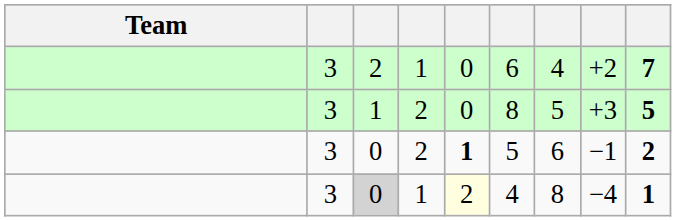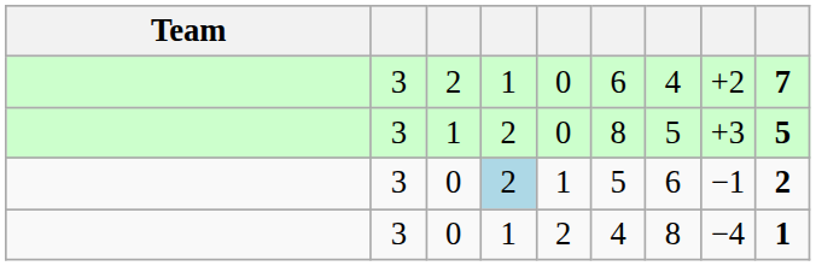 <table class="wikitable" style="text-align:center">
 <tr>
 <th width=175>Team</th>
 <th width=20></th>
 <th width=20></th>
 <th width=20></th>
 <th width=20></th>
 <th width=20></th>
 <th width=20></th>
 <th width=20></th>
 <th width=20></th>
 </tr>
 <tr bgcolor="#ccffcc">
 <td align=left></td>
 <td>3</td>
 <td>2</td>
 <td>1</td>
 <td>0</td>
 <td>6</td>
 <td>4</td>
 <td>+2</td>
 <td><strong>7</strong></td>
 </tr>
 <tr bgcolor="#ccffcc">
 <td align=left></td>
 <td>3</td>
 <td>1</td>
 <td>2</td>
 <td>0</td>
 <td>8</td>
 <td>5</td>
 <td>+3</td>
 <td><strong>5</strong></td>
 </tr>
 <tr>
 <td align=left></td>
 <td>3</td>
 <td>0</td>
-<td>2</td>
-<td><strong>1</strong></td>
+<td style="background: lightblue;">2</td>
+<td>1</td>
 <td>5</td>
 <td>6</td>
 <td>−1</td>
 <td><strong>2</strong></td>
 </tr>
 <tr>
 <td align=left></td>
 <td>3</td>
-<td style="background: lightgrey;">0</td>
+<td>0</td>
 <td>1</td>
-<td style="background: lightyellow;">2</td>
+<td>2</td>
 <td>4</td>
 <td>8</td>
 <td>−4</td>
 <td><strong>1</strong></td>
 </tr>
 </table>
